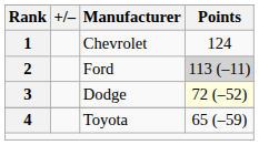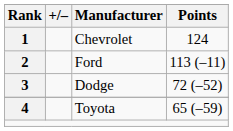 <table class="wikitable">
 <tr>
 </tr>
 <tr>
 <th scope="col">Rank</th>
 <th scope="col">+/–</th>
 <th scope="col">Manufacturer</th>
 <th scope="col">Points</th>
 </tr>
 <tr>
 <th scope="row">1</th>
 <td align="left"></td>
 <td>Chevrolet</td>
 <td style="text-align:center;">124</td>
 </tr>
 <tr>
 <th scope="row">2</th>
 <td align="left"></td>
 <td>Ford</td>
-<td style="background: lightgrey; text-align:center;">113 (–11)</td>
+<td style="text-align:center;">113 (–11)</td>
 </tr>
 <tr>
 <th scope="row">3</th>
 <td align="left"></td>
 <td>Dodge</td>
-<td style="background: lightyellow; text-align:center;">72 (–52)</td>
+<td style="text-align:center;">72 (–52)</td>
 </tr>
 <tr class="sortbottom">
 </tr>
 <tr>
 <th scope="row">4</th>
 <td align="left"></td>
 <td>Toyota</td>
 <td style="text-align:center;">65 (–59)</td>
 </tr>
 <tr class="sortbottom">
 <td colspan="9"></td>
 </tr>
 </table>
